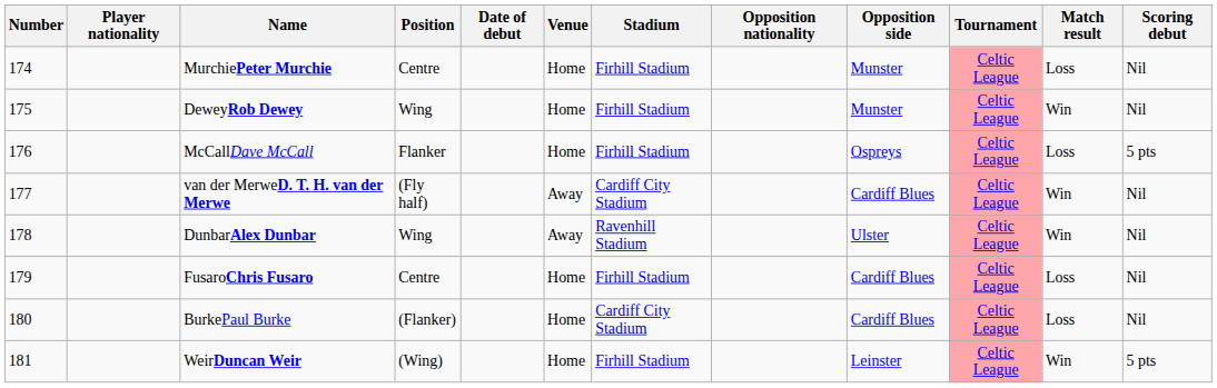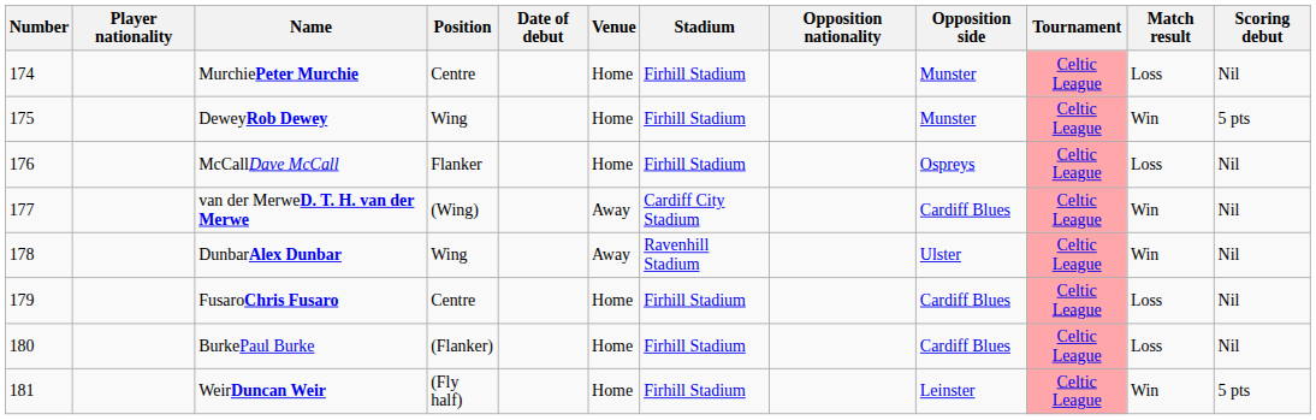 <table class="sortable wikitable">
 <tr>
 <th data-sort-type="number">Number</th>
 <th>Player nationality</th>
 <th>Name</th>
 <th>Position</th>
 <th>Date of debut</th>
 <th>Venue</th>
 <th>Stadium</th>
 <th>Opposition nationality</th>
 <th>Opposition side</th>
 <th>Tournament</th>
 <th>Match result</th>
 <th>Scoring debut</th>
 </tr>
 <tr>
 <td>174</td>
 <td style="text-align:center;"></td>
 <td><span>Murchie</span><strong><a href='#'>Peter Murchie</a></strong></td>
 <td>Centre</td>
 <td></td>
 <td>Home</td>
 <td><a href='#'>Firhill Stadium</a></td>
 <td style="text-align:center;"></td>
 <td><a href='#'>Munster</a></td>
 <td style="text-align:center; background:#FFA6AA;"><a href='#'>Celtic League</a></td>
 <td>Loss</td>
 <td>Nil</td>
 </tr>
 <tr>
 <td>175</td>
 <td style="text-align:center;"></td>
 <td><span>Dewey</span><strong><a href='#'>Rob Dewey</a></strong></td>
 <td>Wing</td>
 <td></td>
 <td>Home</td>
 <td><a href='#'>Firhill Stadium</a></td>
 <td style="text-align:center;"></td>
 <td><a href='#'>Munster</a></td>
 <td style="text-align:center; background:#FFA6AA;"><a href='#'>Celtic League</a></td>
 <td>Win</td>
-<td>Nil</td>
+<td>5 pts</td>
 </tr>
 <tr>
 <td>176</td>
 <td style="text-align:center;"></td>
 <td><span>McCall</span><em><a href='#'>Dave McCall</a></em></td>
 <td>Flanker</td>
 <td></td>
 <td>Home</td>
 <td><a href='#'>Firhill Stadium</a></td>
 <td style="text-align:center;"></td>
 <td><a href='#'>Ospreys</a></td>
 <td style="text-align:center; background:#FFA6AA;"><a href='#'>Celtic League</a></td>
 <td>Loss</td>
-<td>5 pts</td>
+<td>Nil</td>
 </tr>
 <tr>
 <td>177</td>
 <td style="text-align:center;"></td>
 <td><span>van der Merwe</span><strong><a href='#'>D. T. H. van der Merwe</a></strong></td>
-<td>(Fly half)</td>
+<td>(Wing)</td>
 <td></td>
 <td>Away</td>
 <td><a href='#'>Cardiff City Stadium</a></td>
 <td style="text-align:center;"></td>
 <td><a href='#'>Cardiff Blues</a></td>
 <td style="text-align:center; background:#FFA6AA;"><a href='#'>Celtic League</a></td>
 <td>Win</td>
 <td>Nil</td>
 </tr>
 <tr>
 <td>178</td>
 <td style="text-align:center;"></td>
 <td><span>Dunbar</span><strong><a href='#'>Alex Dunbar</a></strong></td>
 <td>Wing</td>
 <td></td>
 <td>Away</td>
 <td><a href='#'>Ravenhill Stadium</a></td>
 <td style="text-align:center;"></td>
 <td><a href='#'>Ulster</a></td>
 <td style="text-align:center; background:#FFA6AA;"><a href='#'>Celtic League</a></td>
 <td>Win</td>
 <td>Nil</td>
 </tr>
 <tr>
 <td>179</td>
 <td style="text-align:center;"></td>
 <td><span>Fusaro</span><strong><a href='#'>Chris Fusaro</a></strong></td>
 <td>Centre</td>
 <td></td>
 <td>Home</td>
 <td><a href='#'>Firhill Stadium</a></td>
 <td style="text-align:center;"></td>
 <td><a href='#'>Cardiff Blues</a></td>
 <td style="text-align:center; background:#FFA6AA;"><a href='#'>Celtic League</a></td>
 <td>Loss</td>
 <td>Nil</td>
 </tr>
 <tr>
 <td>180</td>
 <td style="text-align:center;"></td>
 <td><span>Burke</span><a href='#'>Paul Burke</a></td>
 <td>(Flanker)</td>
 <td></td>
 <td>Home</td>
-<td><a href='#'>Cardiff City Stadium</a></td>
+<td><a href='#'>Firhill Stadium</a></td>
 <td style="text-align:center;"></td>
 <td><a href='#'>Cardiff Blues</a></td>
 <td style="text-align:center; background:#FFA6AA;"><a href='#'>Celtic League</a></td>
 <td>Loss</td>
 <td>Nil</td>
 </tr>
 <tr>
 <td>181</td>
 <td style="text-align:center;"></td>
 <td><span>Weir</span><strong><a href='#'>Duncan Weir</a></strong></td>
-<td>(Wing)</td>
+<td>(Fly half)</td>
 <td></td>
 <td>Home</td>
 <td><a href='#'>Firhill Stadium</a></td>
 <td style="text-align:center;"></td>
 <td><a href='#'>Leinster</a></td>
 <td style="text-align:center; background:#FFA6AA;"><a href='#'>Celtic League</a></td>
 <td>Win</td>
 <td>5 pts</td>
 </tr>
 </table>
